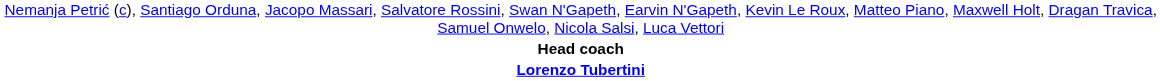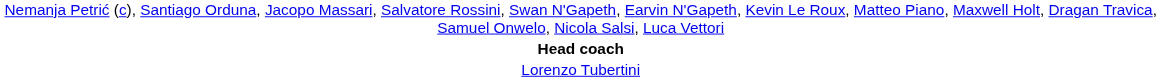 <table style="text-align: center; margin-top: 2em; margin-left: auto; margin-right: auto">
 <tr>
 <td><a href='#'>Nemanja Petrić</a> (<a href='#'>c</a>), <a href='#'>Santiago Orduna</a>, <a href='#'>Jacopo Massari</a>, <a href='#'>Salvatore Rossini</a>, <a href='#'>Swan N'Gapeth</a>, <a href='#'>Earvin N'Gapeth</a>, <a href='#'>Kevin Le Roux</a>, <a href='#'>Matteo Piano</a>, <a href='#'>Maxwell Holt</a>, <a href='#'>Dragan Travica</a>, <a href='#'>Samuel Onwelo</a>, <a href='#'>Nicola Salsi</a>, <a href='#'>Luca Vettori</a></td>
 </tr>
 <tr>
 <td><strong>Head coach</strong></td>
 </tr>
 <tr>
-<td><strong><a href='#'>Lorenzo Tubertini</a></strong></td>
+<td><a href='#'>Lorenzo Tubertini</a></td>
 </tr>
 </table>
